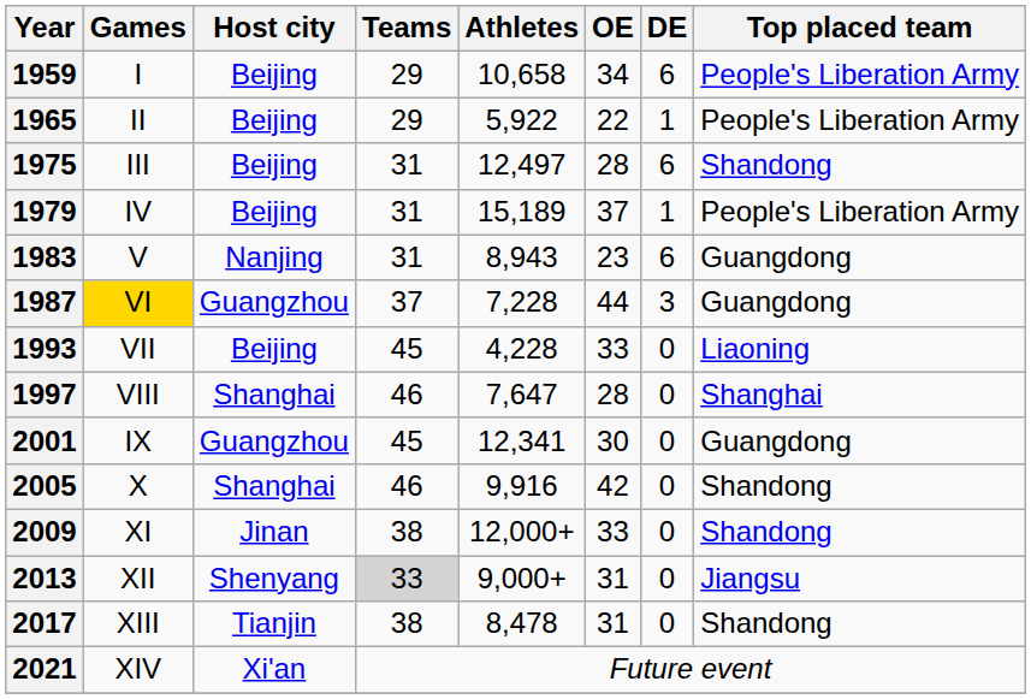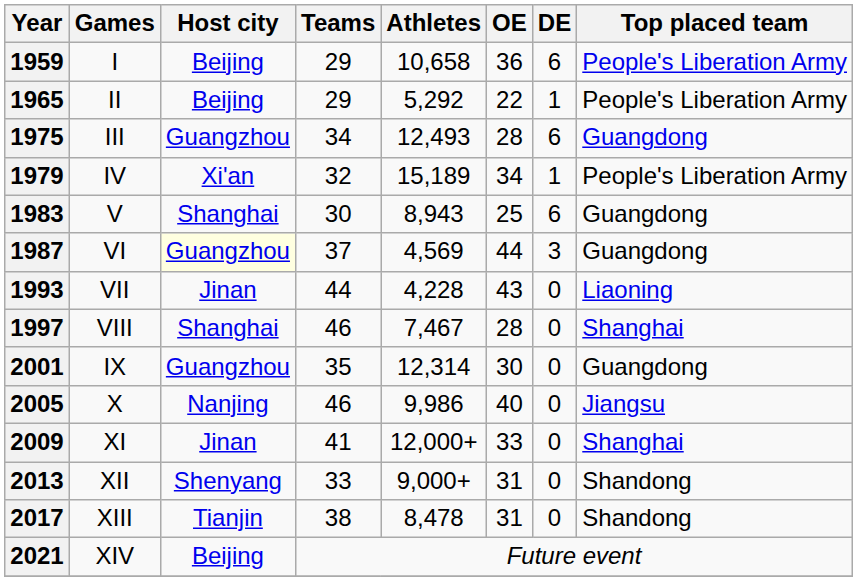 <table class="wikitable" style="text-align: center;">
 <tr>
 <th>Year</th>
 <th>Games</th>
 <th>Host city</th>
 <th>Teams</th>
 <th>Athletes</th>
 <th>OE</th>
 <th>DE</th>
 <th>Top placed team</th>
 </tr>
 <tr>
 <th>1959</th>
 <td>I</td>
 <td><a href='#'>Beijing</a></td>
 <td>29</td>
 <td>10,658</td>
-<td>34</td>
+<td>36</td>
 <td>6</td>
 <td align=left><a href='#'>People's Liberation Army</a></td>
 </tr>
 <tr>
 <th>1965</th>
 <td>II</td>
 <td><a href='#'>Beijing</a></td>
 <td>29</td>
-<td>5,922</td>
+<td>5,292</td>
 <td>22</td>
 <td>1</td>
 <td align=left>People's Liberation Army</td>
 </tr>
 <tr>
 <th>1975</th>
 <td>III</td>
-<td><a href='#'>Beijing</a></td>
-<td>31</td>
-<td>12,497</td>
+<td><a href='#'>Guangzhou</a></td>
+<td>34</td>
+<td>12,493</td>
 <td>28</td>
 <td>6</td>
-<td align=left><a href='#'>Shandong</a></td>
+<td align=left><a href='#'>Guangdong</a></td>
 </tr>
 <tr>
 <th>1979</th>
 <td>IV</td>
-<td><a href='#'>Beijing</a></td>
-<td>31</td>
+<td><a href='#'>Xi'an</a></td>
+<td>32</td>
 <td>15,189</td>
-<td>37</td>
+<td>34</td>
 <td>1</td>
 <td align=left>People's Liberation Army</td>
 </tr>
 <tr>
 <th>1983</th>
 <td>V</td>
-<td><a href='#'>Nanjing</a></td>
-<td>31</td>
+<td><a href='#'>Shanghai</a></td>
+<td>30</td>
 <td>8,943</td>
-<td>23</td>
+<td>25</td>
 <td>6</td>
 <td align=left>Guangdong</td>
 </tr>
 <tr>
 <th>1987</th>
-<td style="background: gold;">VI</td>
-<td><a href='#'>Guangzhou</a></td>
+<td>VI</td>
+<td style="background: lightyellow;"><a href='#'>Guangzhou</a></td>
 <td>37</td>
-<td>7,228</td>
+<td>4,569</td>
 <td>44</td>
 <td>3</td>
 <td align=left>Guangdong</td>
 </tr>
 <tr>
 <th>1993</th>
 <td>VII</td>
-<td><a href='#'>Beijing</a></td>
-<td>45</td>
+<td><a href='#'>Jinan</a></td>
+<td>44</td>
 <td>4,228</td>
-<td>33</td>
+<td>43</td>
 <td>0</td>
 <td align=left><a href='#'>Liaoning</a></td>
 </tr>
 <tr>
 <th>1997</th>
 <td>VIII</td>
 <td><a href='#'>Shanghai</a></td>
 <td>46</td>
-<td>7,647</td>
+<td>7,467</td>
 <td>28</td>
 <td>0</td>
 <td align=left><a href='#'>Shanghai</a></td>
 </tr>
 <tr>
 <th>2001</th>
 <td>IX</td>
 <td><a href='#'>Guangzhou</a></td>
-<td>45</td>
-<td>12,341</td>
+<td>35</td>
+<td>12,314</td>
 <td>30</td>
 <td>0</td>
 <td align=left>Guangdong</td>
 </tr>
 <tr>
 <th>2005</th>
 <td>X</td>
-<td><a href='#'>Shanghai</a></td>
+<td><a href='#'>Nanjing</a></td>
 <td>46</td>
-<td>9,916</td>
-<td>42</td>
+<td>9,986</td>
+<td>40</td>
 <td>0</td>
-<td align=left>Shandong</td>
+<td align=left><a href='#'>Jiangsu</a></td>
 </tr>
 <tr>
 <th>2009</th>
 <td>XI</td>
 <td><a href='#'>Jinan</a></td>
-<td>38</td>
+<td>41</td>
 <td>12,000+</td>
 <td>33</td>
 <td>0</td>
-<td align=left><a href='#'>Shandong</a></td>
+<td align=left><a href='#'>Shanghai</a></td>
 </tr>
 <tr>
 <th>2013</th>
 <td>XII</td>
 <td><a href='#'>Shenyang</a></td>
-<td style="background: lightgrey;">33</td>
+<td>33</td>
 <td>9,000+</td>
 <td>31</td>
 <td>0</td>
-<td align=left><a href='#'>Jiangsu</a></td>
+<td align=left>Shandong</td>
 </tr>
 <tr>
 <th>2017</th>
 <td>XIII</td>
 <td><a href='#'>Tianjin</a></td>
 <td>38</td>
 <td>8,478</td>
 <td>31</td>
 <td>0</td>
 <td align=left>Shandong</td>
 </tr>
 <tr>
 <th>2021</th>
 <td>XIV</td>
-<td><a href='#'>Xi'an</a></td>
+<td><a href='#'>Beijing</a></td>
 <td colspan=6><em>Future event</em></td>
 </tr>
 <tr>
 </tr>
 </table>
